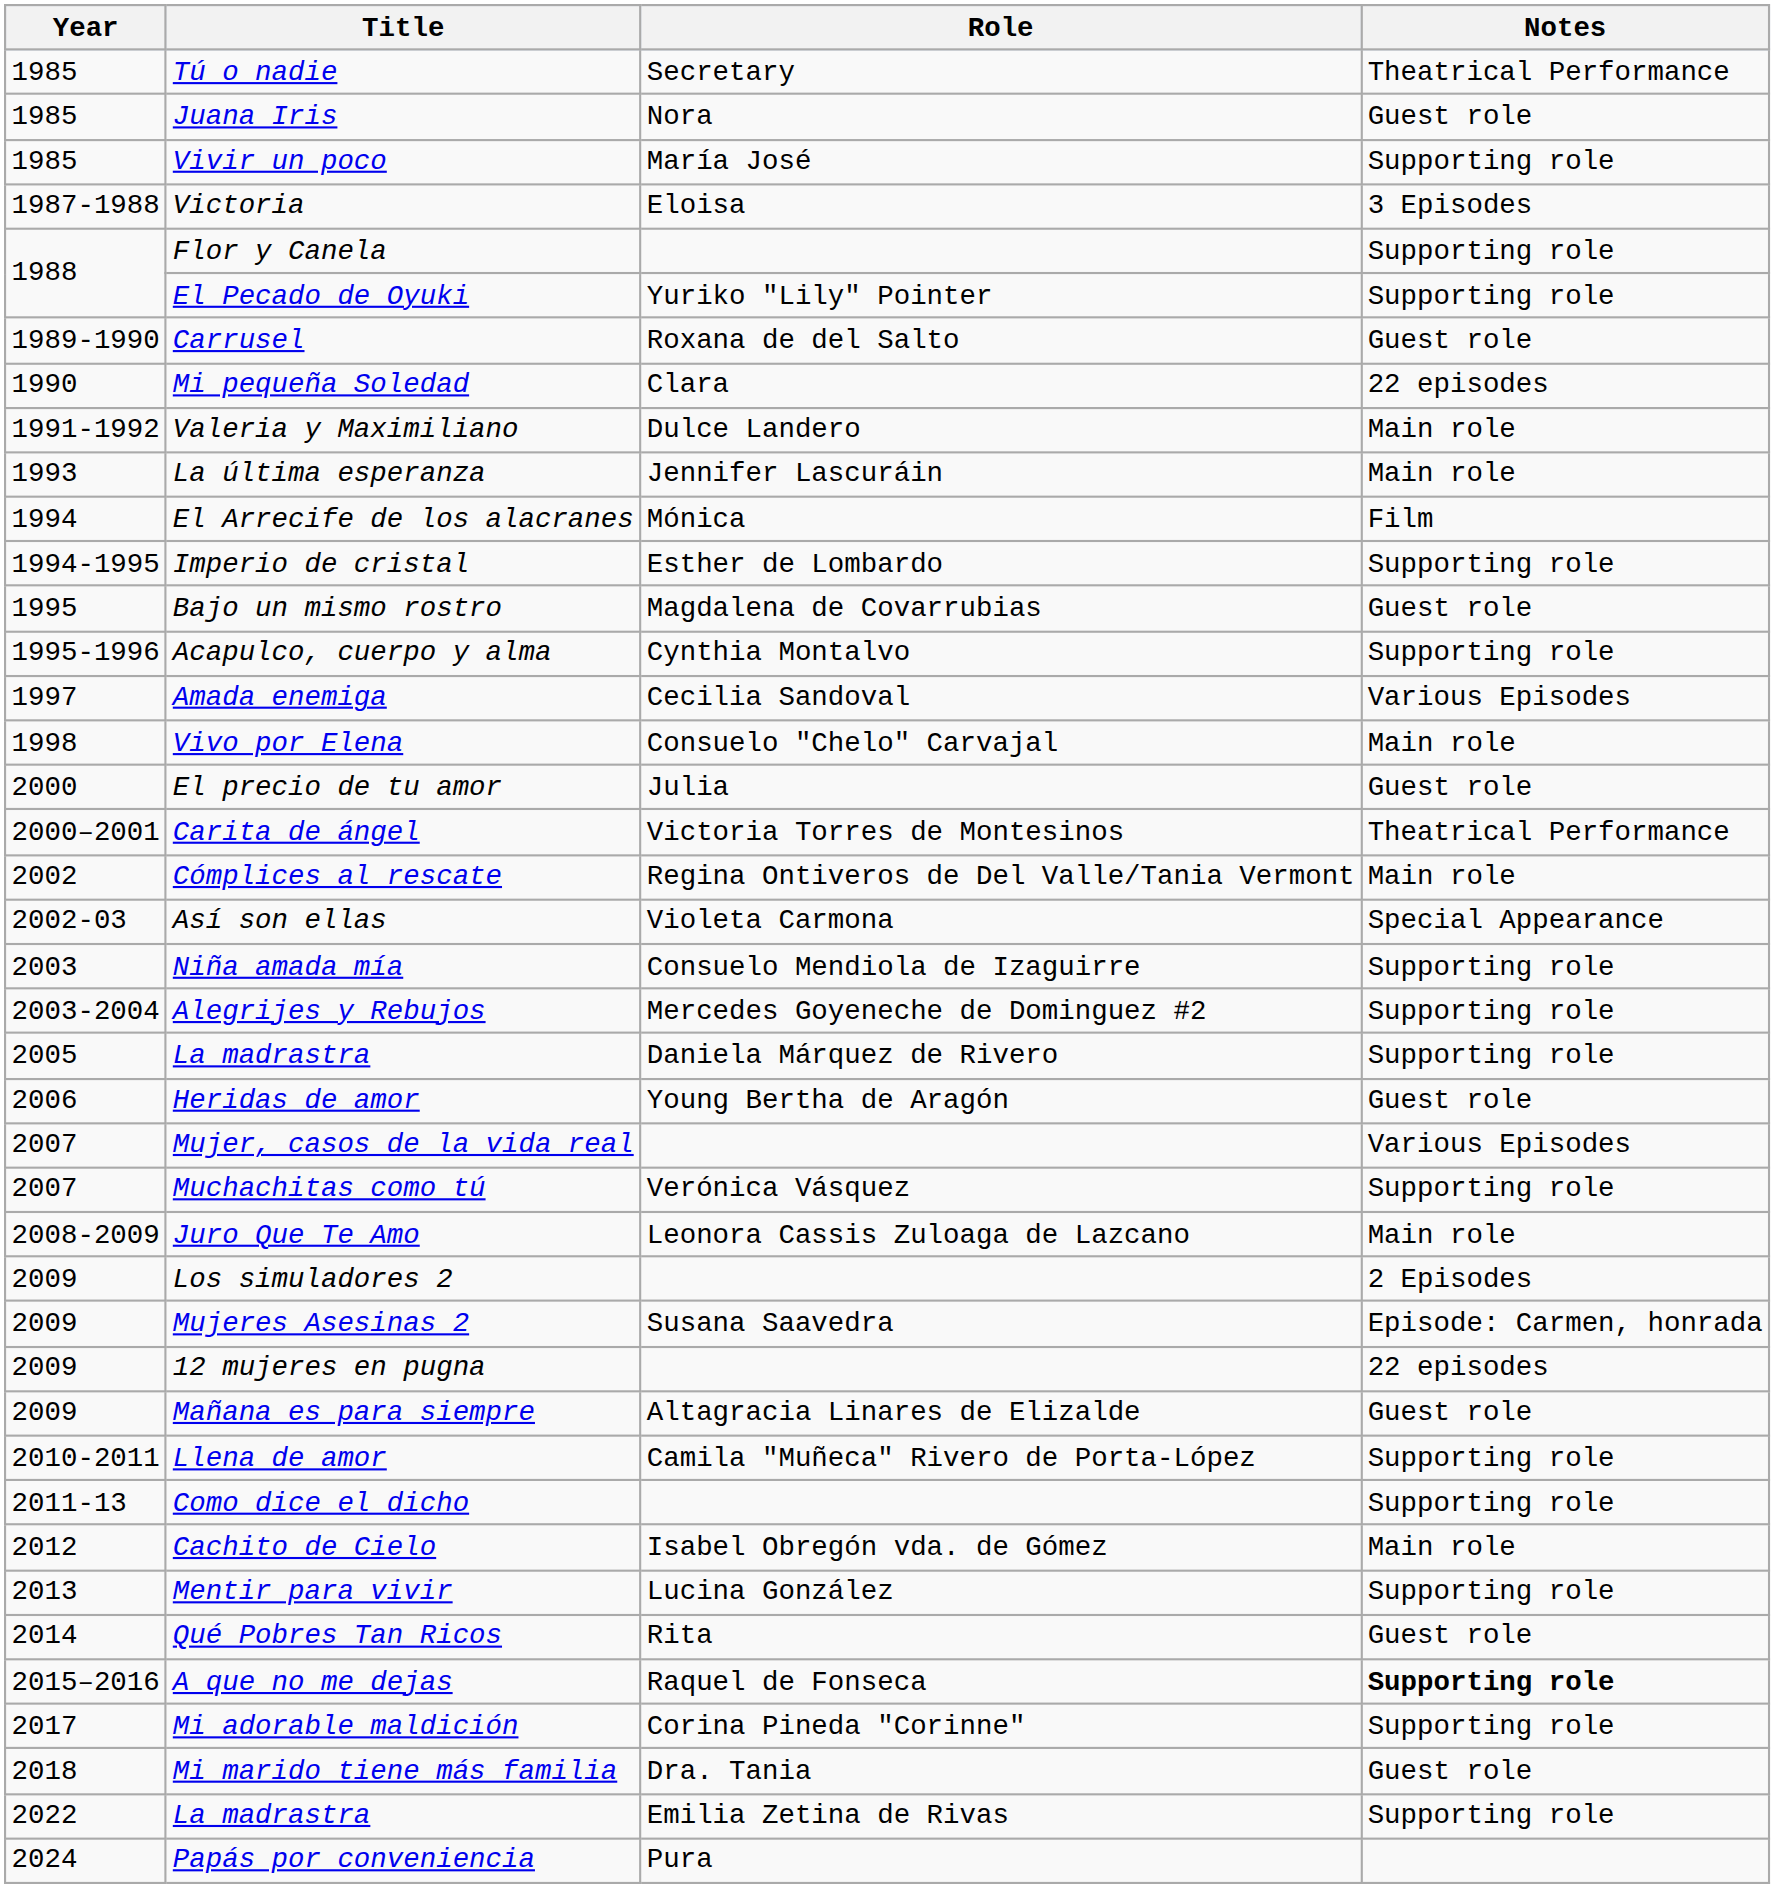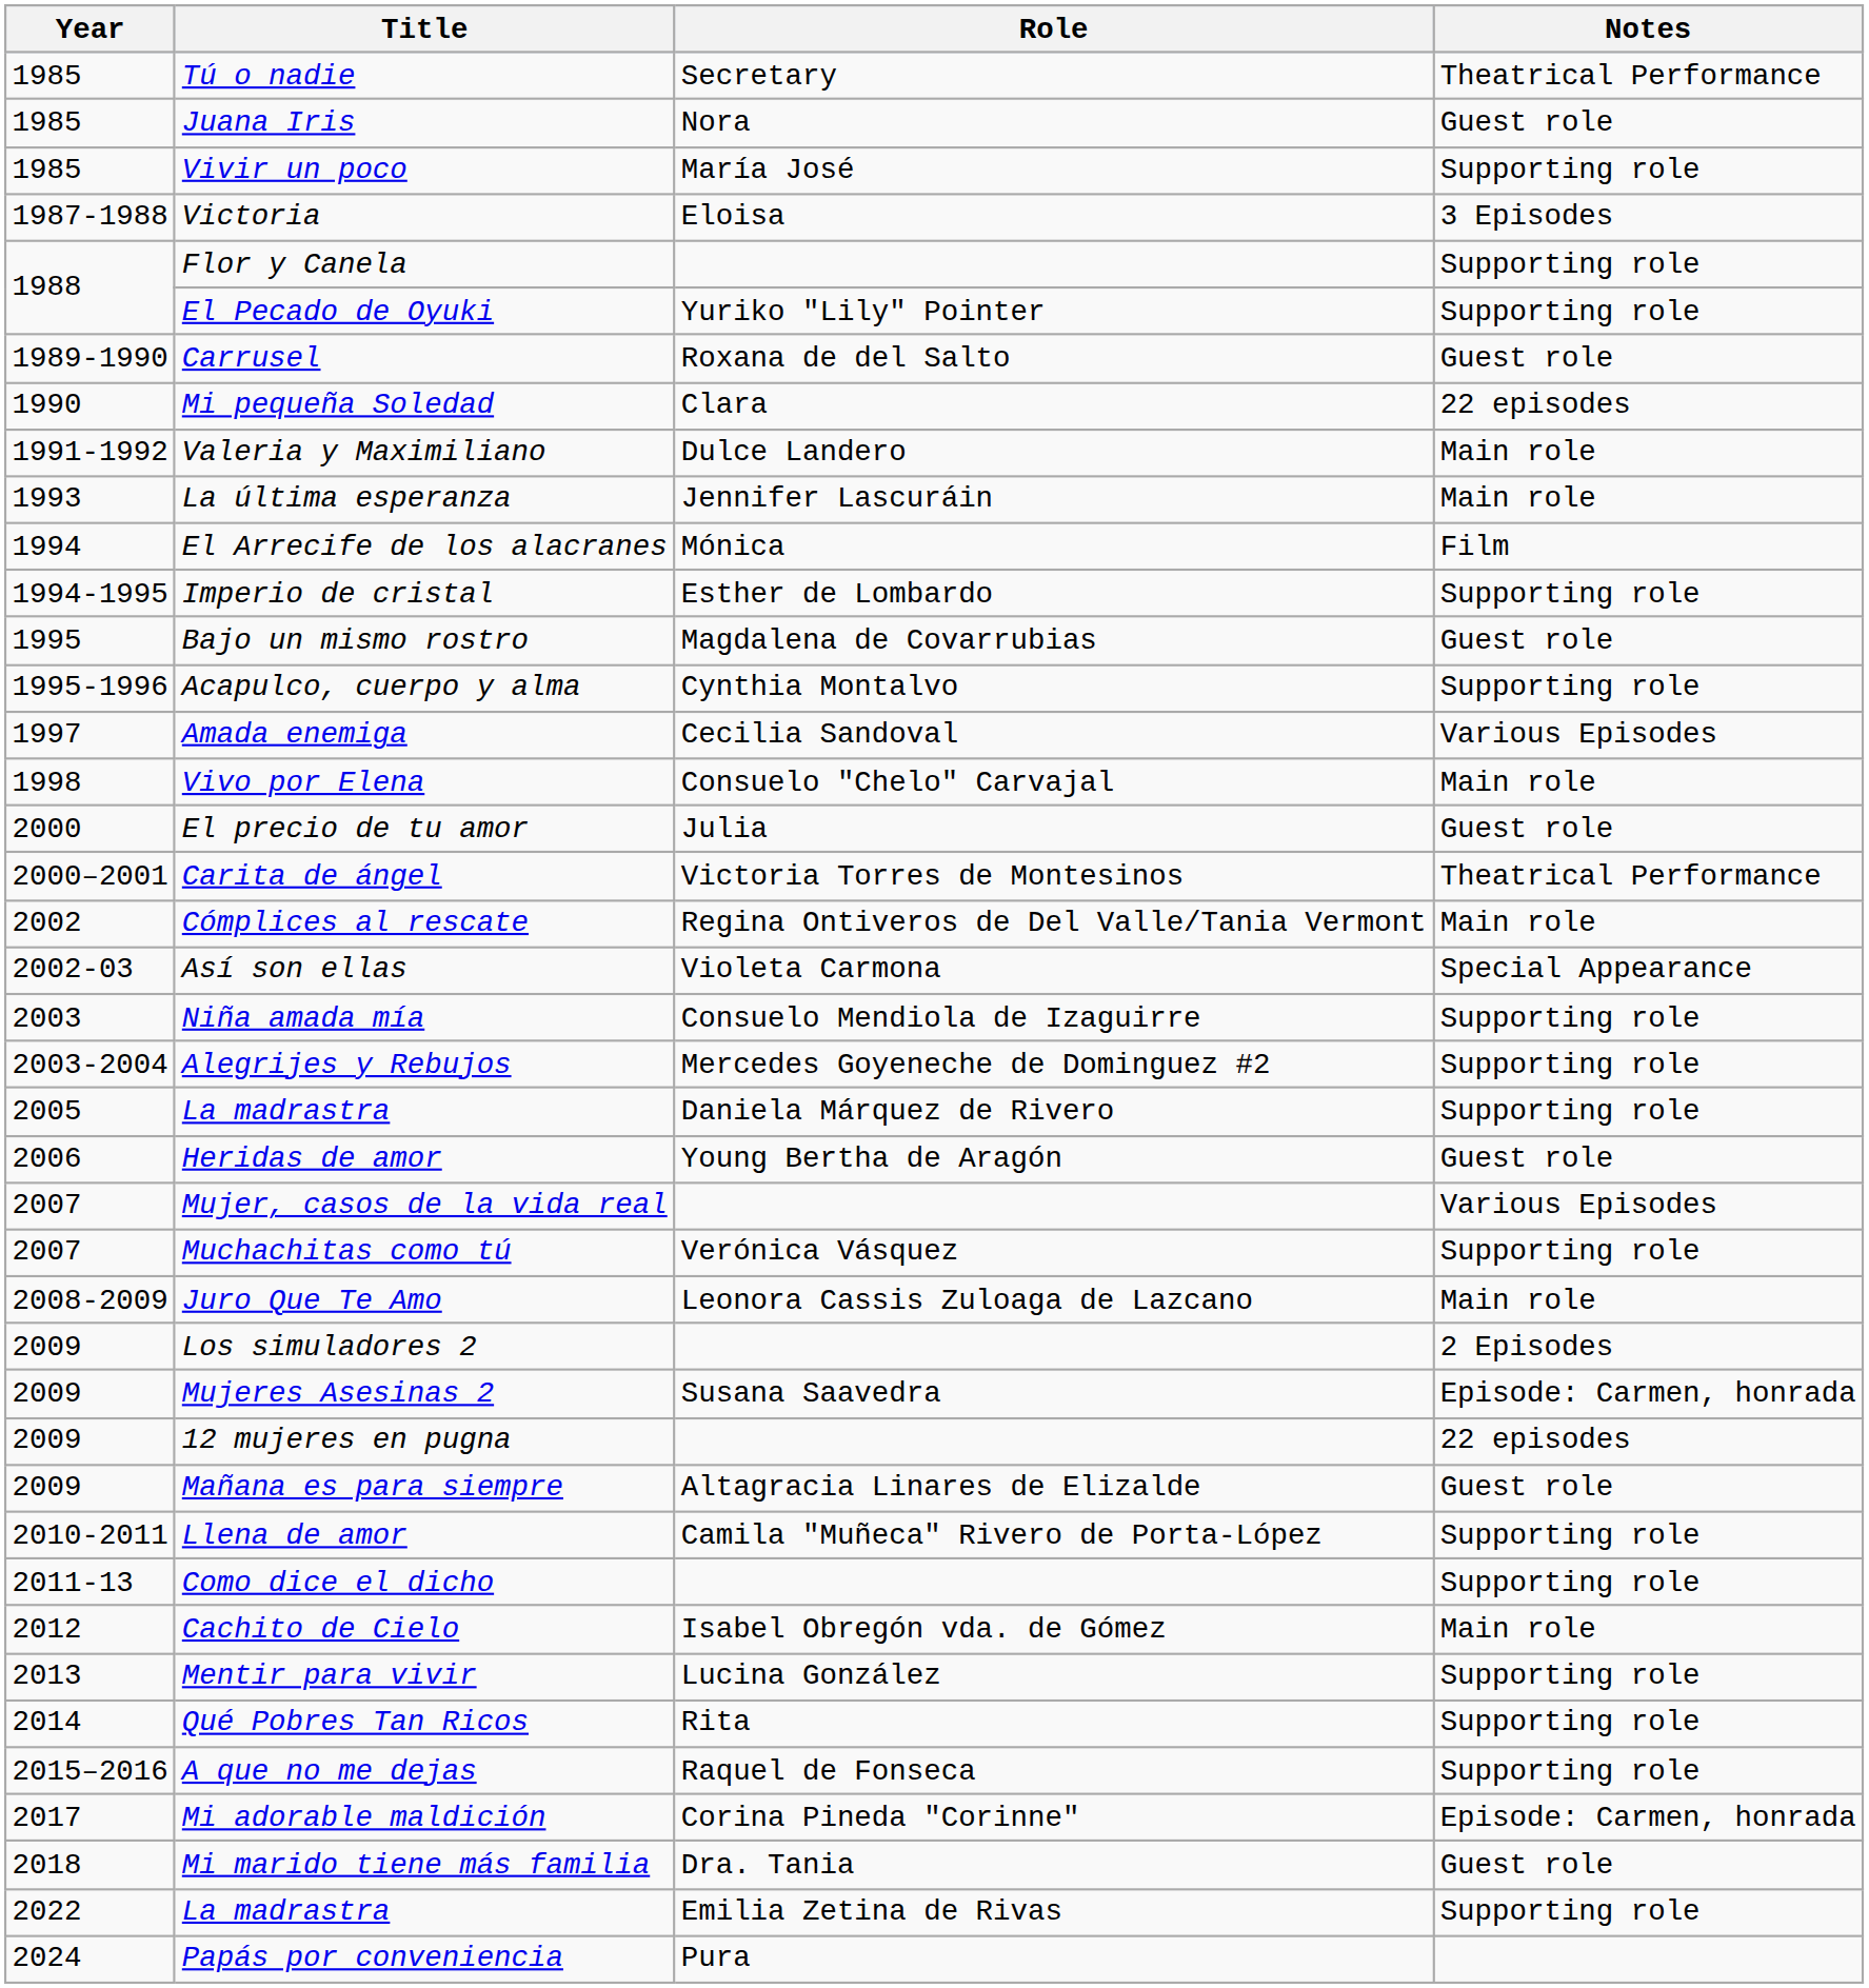 <table class="wikitable">
 <tr style="background:#b0c4de;">
 <th>Year</th>
 <th>Title</th>
 <th>Role</th>
 <th>Notes</th>
 </tr>
 <tr>
 <td>1985</td>
 <td><em><a href='#'>Tú o nadie</a></em></td>
 <td>Secretary</td>
 <td>Theatrical Performance</td>
 </tr>
 <tr>
 <td>1985</td>
 <td><em><a href='#'>Juana Iris</a></em></td>
 <td>Nora</td>
 <td>Guest role</td>
 </tr>
 <tr>
 <td>1985</td>
 <td><em><a href='#'>Vivir un poco</a></em></td>
 <td>María José</td>
 <td>Supporting role</td>
 </tr>
 <tr>
 <td>1987-1988</td>
 <td><em>Victoria</em></td>
 <td>Eloisa</td>
 <td>3 Episodes</td>
 </tr>
 <tr>
 <td rowspan=2>1988</td>
 <td><em>Flor y Canela</em></td>
 <td></td>
 <td>Supporting role</td>
 </tr>
 <tr>
 <td><em><a href='#'>El Pecado de Oyuki</a></em></td>
 <td>Yuriko "Lily" Pointer</td>
 <td>Supporting role</td>
 </tr>
 <tr>
 <td>1989-1990</td>
 <td><em><a href='#'>Carrusel</a></em></td>
 <td>Roxana de del Salto</td>
 <td>Guest role</td>
 </tr>
 <tr>
 <td>1990</td>
 <td><em><a href='#'>Mi pequeña Soledad</a></em></td>
 <td>Clara</td>
 <td>22 episodes</td>
 </tr>
 <tr>
 <td>1991-1992</td>
 <td><em>Valeria y Maximiliano</em></td>
 <td>Dulce Landero</td>
 <td>Main role</td>
 </tr>
 <tr>
 <td>1993</td>
 <td><em>La última esperanza</em></td>
 <td>Jennifer Lascuráin</td>
 <td>Main role</td>
 </tr>
 <tr>
 <td>1994</td>
 <td><em>El Arrecife de los alacranes</em></td>
 <td>Mónica</td>
 <td>Film</td>
 </tr>
 <tr>
 <td>1994-1995</td>
 <td><em>Imperio de cristal</em></td>
 <td>Esther de Lombardo</td>
 <td>Supporting role</td>
 </tr>
 <tr>
 <td>1995</td>
 <td><em>Bajo un mismo rostro</em></td>
 <td>Magdalena de Covarrubias</td>
 <td>Guest role</td>
 </tr>
 <tr>
 <td>1995-1996</td>
 <td><em>Acapulco, cuerpo y alma</em></td>
 <td>Cynthia Montalvo</td>
 <td>Supporting role</td>
 </tr>
 <tr>
 <td>1997</td>
 <td><em><a href='#'>Amada enemiga</a></em></td>
 <td>Cecilia Sandoval</td>
 <td>Various Episodes</td>
 </tr>
 <tr>
 <td>1998</td>
 <td><em><a href='#'>Vivo por Elena</a></em></td>
 <td>Consuelo "Chelo" Carvajal</td>
 <td>Main role</td>
 </tr>
 <tr>
 <td>2000</td>
 <td><em>El precio de tu amor</em></td>
 <td>Julia</td>
 <td>Guest role</td>
 </tr>
 <tr>
 <td>2000–2001</td>
 <td><em><a href='#'>Carita de ángel</a></em></td>
 <td>Victoria Torres de Montesinos</td>
 <td>Theatrical Performance</td>
 </tr>
 <tr>
 <td>2002</td>
 <td><em><a href='#'>Cómplices al rescate</a></em></td>
 <td>Regina Ontiveros de Del Valle/Tania Vermont</td>
 <td>Main role</td>
 </tr>
 <tr>
 <td>2002-03</td>
 <td><em>Así son ellas</em></td>
 <td>Violeta Carmona</td>
 <td>Special Appearance</td>
 </tr>
 <tr>
 <td>2003</td>
 <td><em><a href='#'>Niña amada mía</a></em></td>
 <td>Consuelo Mendiola de Izaguirre</td>
 <td>Supporting role</td>
 </tr>
 <tr>
 <td>2003-2004</td>
 <td><em><a href='#'>Alegrijes y Rebujos</a></em></td>
 <td>Mercedes Goyeneche de Dominguez #2</td>
 <td>Supporting role</td>
 </tr>
 <tr>
 <td>2005</td>
 <td><em><a href='#'>La madrastra</a></em></td>
 <td>Daniela Márquez de Rivero</td>
 <td>Supporting role</td>
 </tr>
 <tr>
 <td>2006</td>
 <td><em><a href='#'>Heridas de amor</a></em></td>
 <td>Young Bertha de Aragón</td>
 <td>Guest role</td>
 </tr>
 <tr>
 <td>2007</td>
 <td><em><a href='#'>Mujer, casos de la vida real</a></em></td>
 <td></td>
 <td>Various Episodes</td>
 </tr>
 <tr>
 <td>2007</td>
 <td><em><a href='#'>Muchachitas como tú</a></em></td>
 <td>Verónica Vásquez</td>
 <td>Supporting role</td>
 </tr>
 <tr>
 <td>2008-2009</td>
 <td><em><a href='#'>Juro Que Te Amo</a></em></td>
 <td>Leonora Cassis Zuloaga de Lazcano</td>
 <td>Main role</td>
 </tr>
 <tr>
 <td>2009</td>
 <td><em>Los simuladores 2</em></td>
 <td></td>
 <td>2 Episodes</td>
 </tr>
 <tr>
 <td>2009</td>
 <td><em><a href='#'>Mujeres Asesinas 2</a> </em></td>
 <td>Susana Saavedra</td>
 <td>Episode: Carmen, honrada</td>
 </tr>
 <tr>
 <td>2009</td>
 <td><em>12 mujeres en pugna</em></td>
 <td></td>
 <td>22 episodes</td>
 </tr>
 <tr>
 <td>2009</td>
 <td><em><a href='#'>Mañana es para siempre</a></em></td>
 <td>Altagracia Linares de Elizalde</td>
 <td>Guest role</td>
 </tr>
 <tr>
 <td>2010-2011</td>
 <td><em><a href='#'>Llena de amor</a></em></td>
 <td>Camila "Muñeca" Rivero de Porta-López</td>
 <td>Supporting role</td>
 </tr>
 <tr>
 <td>2011-13</td>
 <td><em><a href='#'>Como dice el dicho</a></em></td>
 <td></td>
 <td>Supporting role</td>
 </tr>
 <tr>
 <td>2012</td>
 <td><em><a href='#'>Cachito de Cielo</a></em></td>
 <td>Isabel Obregón vda. de Gómez</td>
 <td>Main role</td>
 </tr>
 <tr>
 <td>2013</td>
 <td><em><a href='#'>Mentir para vivir</a></em></td>
 <td>Lucina González</td>
 <td>Supporting role</td>
 </tr>
 <tr>
 <td>2014</td>
 <td><em><a href='#'>Qué Pobres Tan Ricos</a></em></td>
 <td>Rita</td>
-<td>Guest role</td>
+<td>Supporting role</td>
 </tr>
 <tr>
 <td>2015–2016</td>
 <td><em><a href='#'>A que no me dejas</a></em></td>
 <td>Raquel de Fonseca</td>
-<td><strong>Supporting role</strong></td>
+<td>Supporting role</td>
 </tr>
 <tr>
 <td>2017</td>
 <td><em><a href='#'>Mi adorable maldición</a></em></td>
 <td>Corina Pineda "Corinne"</td>
-<td>Supporting role</td>
+<td>Episode: Carmen, honrada</td>
 </tr>
 <tr>
 <td>2018</td>
 <td><em><a href='#'>Mi marido tiene más familia</a></em></td>
 <td>Dra. Tania</td>
 <td>Guest role</td>
 </tr>
 <tr>
 <td>2022</td>
 <td><em><a href='#'>La madrastra</a></em></td>
 <td>Emilia Zetina de Rivas</td>
 <td>Supporting role</td>
 </tr>
 <tr>
 <td>2024</td>
 <td><em><a href='#'>Papás por conveniencia</a></em></td>
 <td>Pura</td>
 <td></td>
 </tr>
 </table>
